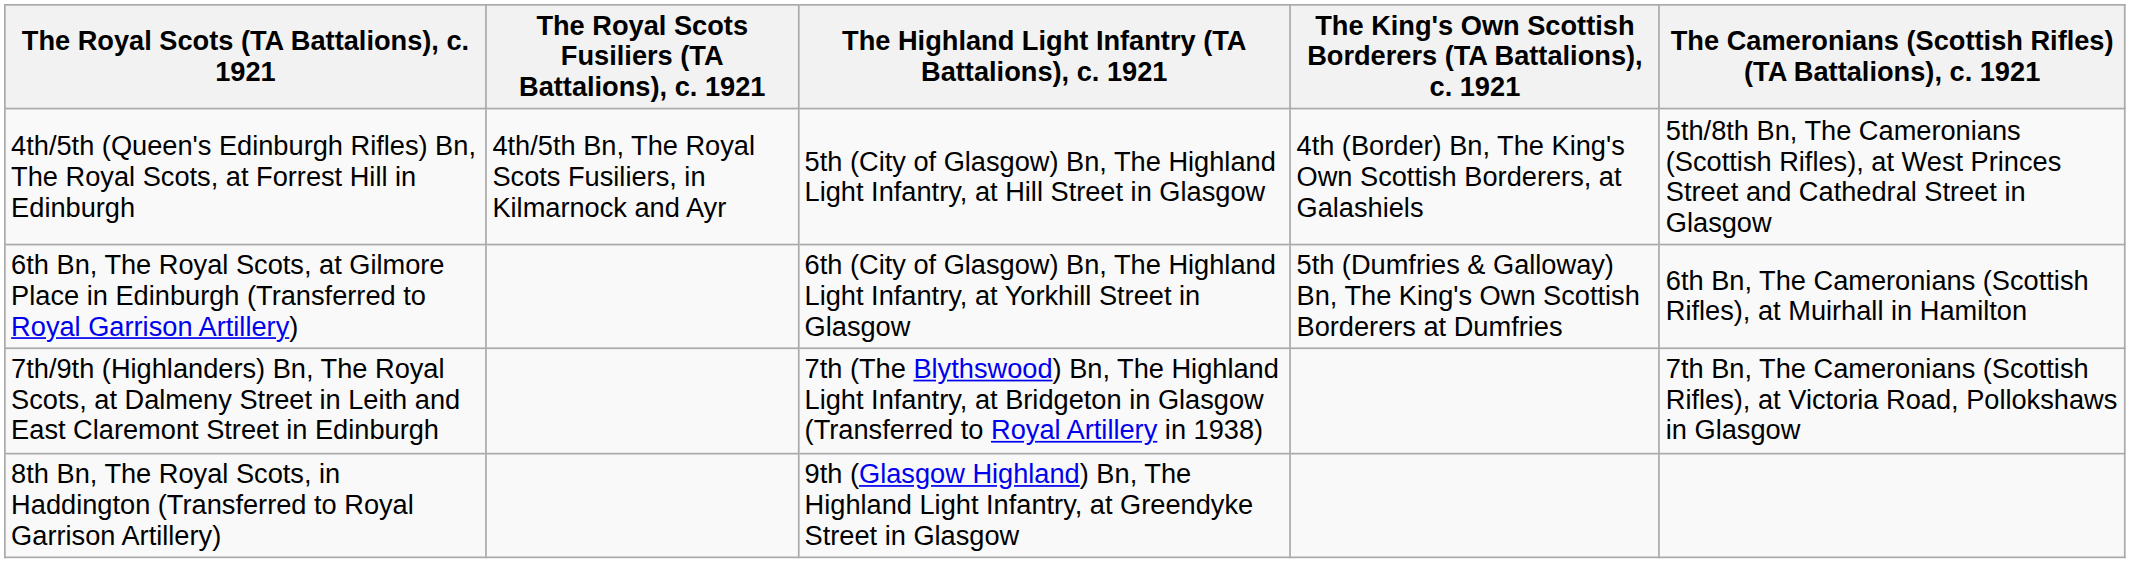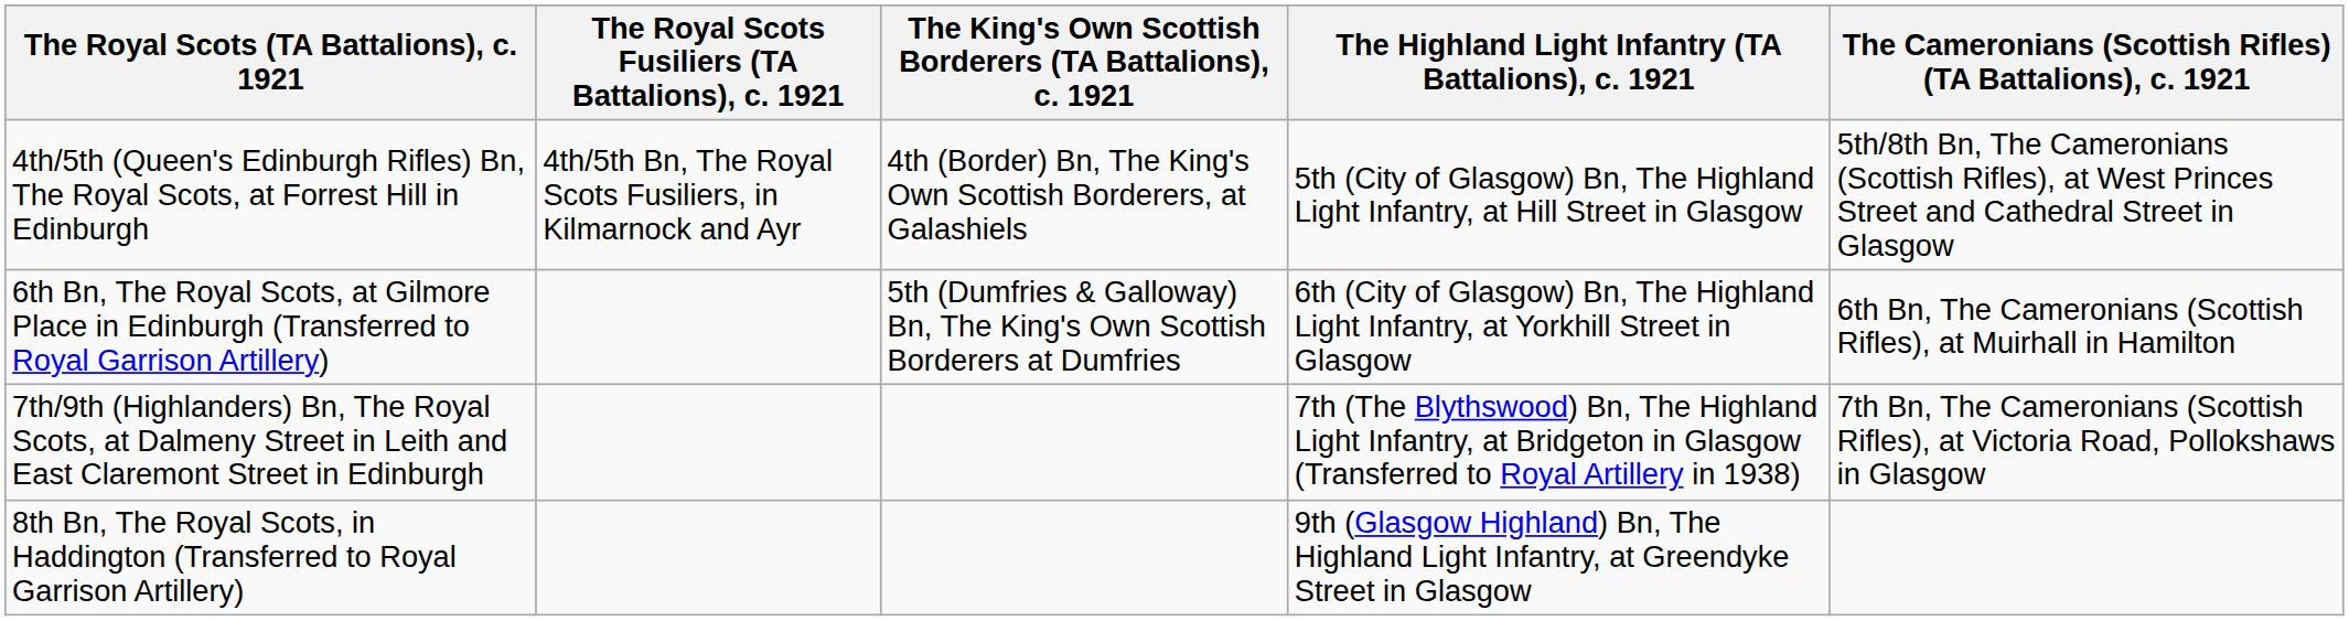 <table class="wikitable">
 <tr>
 <th>The Royal Scots (TA Battalions), c. 1921</th>
 <th>The Royal Scots Fusiliers (TA Battalions), c. 1921</th>
+<th>The King's Own Scottish Borderers (TA Battalions), c. 1921</th>
 <th>The Highland Light Infantry (TA Battalions), c. 1921</th>
-<th>The King's Own Scottish Borderers (TA Battalions), c. 1921</th>
 <th>The Cameronians (Scottish Rifles) (TA Battalions), c. 1921</th>
 </tr>
 <tr>
 <td>4th/5th (Queen's Edinburgh Rifles) Bn, The Royal Scots, at Forrest Hill in Edinburgh</td>
 <td>4th/5th Bn, The Royal Scots Fusiliers, in Kilmarnock and Ayr</td>
+<td>4th (Border) Bn, The King's Own Scottish Borderers, at Galashiels</td>
 <td>5th (City of Glasgow) Bn, The Highland Light Infantry, at Hill Street in Glasgow</td>
-<td>4th (Border) Bn, The King's Own Scottish Borderers, at Galashiels</td>
 <td>5th/8th Bn, The Cameronians (Scottish Rifles), at West Princes Street and Cathedral Street in Glasgow</td>
 </tr>
 <tr>
 <td>6th Bn, The Royal Scots, at Gilmore Place in Edinburgh (Transferred to <a href='#'>Royal Garrison Artillery</a>)</td>
 <td></td>
+<td>5th (Dumfries & Galloway) Bn, The King's Own Scottish Borderers at Dumfries</td>
 <td>6th (City of Glasgow) Bn, The Highland Light Infantry, at Yorkhill Street in Glasgow</td>
-<td>5th (Dumfries & Galloway) Bn, The King's Own Scottish Borderers at Dumfries</td>
 <td>6th Bn, The Cameronians (Scottish Rifles), at Muirhall in Hamilton</td>
 </tr>
 <tr>
 <td>7th/9th (Highlanders) Bn, The Royal Scots, at Dalmeny Street in Leith and East Claremont Street in Edinburgh</td>
 <td></td>
+<td></td>
 <td>7th (The <a href='#'>Blythswood</a>) Bn, The Highland Light Infantry, at Bridgeton in Glasgow (Transferred to <a href='#'>Royal Artillery</a> in 1938)</td>
-<td></td>
 <td>7th Bn, The Cameronians (Scottish Rifles), at Victoria Road, Pollokshaws in Glasgow</td>
 </tr>
 <tr>
 <td>8th Bn, The Royal Scots, in Haddington (Transferred to Royal Garrison Artillery)</td>
 <td></td>
+<td></td>
 <td>9th (<a href='#'>Glasgow Highland</a>) Bn, The Highland Light Infantry, at Greendyke Street in Glasgow</td>
-<td></td>
 <td></td>
 </tr>
 </table>
